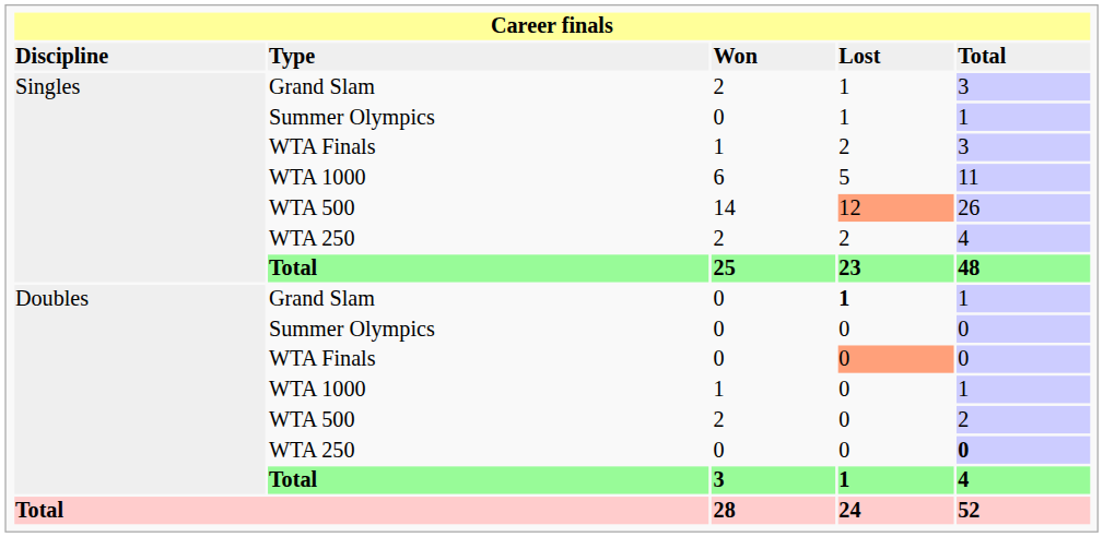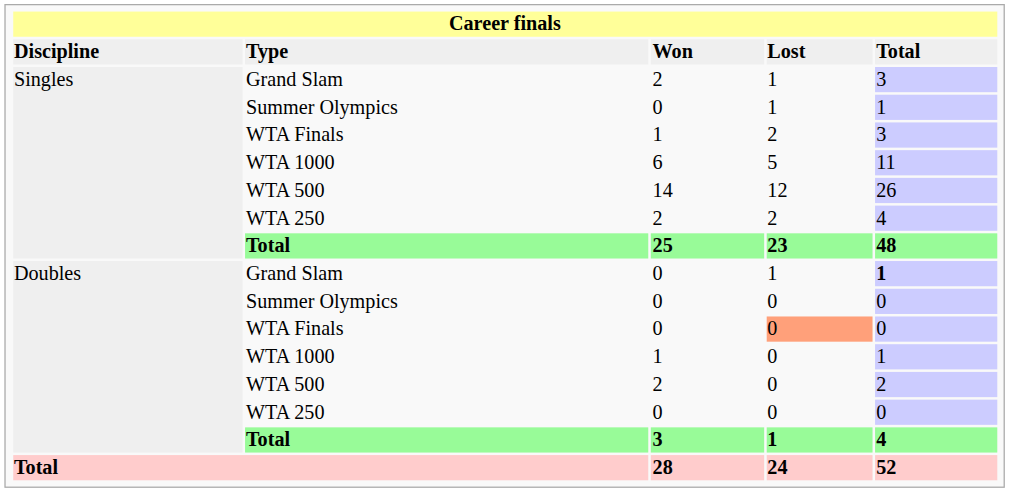 <table class="infobox vcard vevent nowrap" width=40%>
 <tr style=background:#FFFF99>
 <th colspan="5">Career finals</th>
 </tr>
 <tr style=background:#efefef;font-weight:bold>
 <td>Discipline</td>
 <td>Type</td>
 <td>Won</td>
 <td>Lost</td>
 <td>Total</td>
 </tr>
 <tr>
 <td rowspan="7" style="background:#efefef;">Singles</td>
 <td>Grand Slam</td>
 <td>2</td>
 <td>1</td>
 <td bgcolor=CCCCFF>3</td>
 </tr>
 <tr>
 <td>Summer Olympics</td>
 <td>0</td>
 <td>1</td>
 <td bgcolor=CCCCFF>1</td>
 </tr>
 <tr>
 <td>WTA Finals</td>
 <td>1</td>
 <td>2</td>
 <td bgcolor=CCCCFF>3</td>
 </tr>
 <tr>
 <td>WTA 1000</td>
 <td>6</td>
 <td>5</td>
 <td bgcolor=CCCCFF>11</td>
 </tr>
 <tr>
 <td>WTA 500</td>
 <td>14</td>
-<td style="background: lightsalmon;">12</td>
+<td>12</td>
 <td bgcolor=CCCCFF>26</td>
 </tr>
 <tr>
 <td>WTA 250</td>
 <td>2</td>
 <td>2</td>
 <td bgcolor="CCCCFF">4</td>
 </tr>
 <tr style=background:#98FB98;font-weight:bold>
 <td>Total</td>
 <td>25</td>
 <td>23</td>
 <td>48</td>
 </tr>
 <tr>
 <td rowspan="7" style="background:#efefef;">Doubles</td>
 <td>Grand Slam</td>
 <td>0</td>
-<td><strong>1</strong></td>
-<td bgcolor=CCCCFF>1</td>
+<td>1</td>
+<td bgcolor=CCCCFF><strong>1</strong></td>
 </tr>
 <tr>
 <td>Summer Olympics</td>
 <td>0</td>
 <td>0</td>
 <td bgcolor=CCCCFF>0</td>
 </tr>
 <tr>
 <td>WTA Finals</td>
 <td>0</td>
 <td style="background: lightsalmon;">0</td>
 <td bgcolor=CCCCFF>0</td>
 </tr>
 <tr>
 <td>WTA 1000</td>
 <td>1</td>
 <td>0</td>
 <td bgcolor=CCCCFF>1</td>
 </tr>
 <tr>
 <td>WTA 500</td>
 <td>2</td>
 <td>0</td>
 <td bgcolor=CCCCFF>2</td>
 </tr>
 <tr>
 <td>WTA 250</td>
 <td>0</td>
 <td>0</td>
-<td bgcolor="CCCCFF"><strong>0</strong></td>
+<td bgcolor="CCCCFF">0</td>
 </tr>
 <tr style=background:#98FB98;font-weight:bold>
 <td>Total</td>
 <td>3</td>
 <td>1</td>
 <td>4</td>
 </tr>
 <tr style=background:#FCC;font-weight:bold>
 <td colspan=2>Total</td>
 <td>28</td>
 <td>24</td>
 <td>52</td>
 </tr>
 </table>
